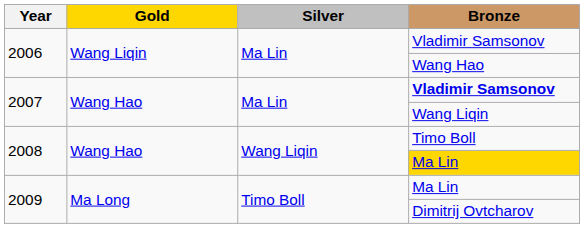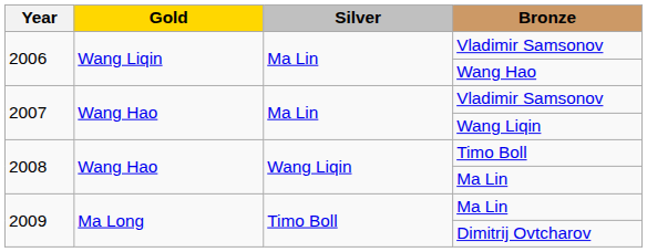 <table class="wikitable" style="text-align: left; width: 600px;">
 <tr>
 <th width="50">Year</th>
 <th width="150" style="background-color: gold">Gold</th>
 <th width="150" style="background-color: silver">Silver</th>
 <th width="150" style="background-color: #cc9966">Bronze</th>
 </tr>
 <tr>
 <td rowspan=2>2006</td>
 <td rowspan=2> <a href='#'>Wang Liqin</a></td>
 <td rowspan=2> <a href='#'>Ma Lin</a></td>
 <td> <a href='#'>Vladimir Samsonov</a></td>
 </tr>
 <tr>
 <td> <a href='#'>Wang Hao</a></td>
 </tr>
 <tr>
 <td rowspan=2>2007</td>
 <td rowspan=2> <a href='#'>Wang Hao</a></td>
 <td rowspan=2> <a href='#'>Ma Lin</a></td>
-<td><strong> <a href='#'>Vladimir Samsonov</a></strong></td>
+<td> <a href='#'>Vladimir Samsonov</a></td>
 </tr>
 <tr>
 <td> <a href='#'>Wang Liqin</a></td>
 </tr>
 <tr>
 <td rowspan=2>2008</td>
 <td rowspan=2> <a href='#'>Wang Hao</a></td>
 <td rowspan=2> <a href='#'>Wang Liqin</a></td>
 <td> <a href='#'>Timo Boll</a></td>
 </tr>
 <tr>
-<td style="background: gold;"> <a href='#'>Ma Lin</a></td>
+<td> <a href='#'>Ma Lin</a></td>
 </tr>
 <tr>
 <td rowspan=2>2009</td>
 <td rowspan=2> <a href='#'>Ma Long</a></td>
 <td rowspan=2> <a href='#'>Timo Boll</a></td>
 <td> <a href='#'>Ma Lin</a></td>
 </tr>
 <tr>
 <td> <a href='#'>Dimitrij Ovtcharov</a></td>
 </tr>
 </table>
